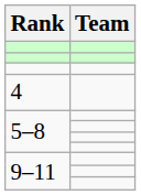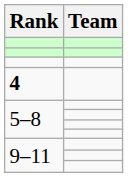 <table class="wikitable">
 <tr>
 <th>Rank</th>
 <th>Team</th>
 </tr>
 <tr bgcolor="#ccffcc">
 <td></td>
 <td></td>
 </tr>
 <tr bgcolor="#ccffcc">
 <td></td>
 <td></td>
 </tr>
 <tr>
 <td></td>
 <td></td>
 </tr>
 <tr>
-<td>4</td>
+<td><strong>4</strong></td>
 <td></td>
 </tr>
 <tr>
 <td rowspan=4>5–8</td>
 <td></td>
 </tr>
 <tr>
 <td></td>
 </tr>
 <tr>
 <td></td>
 </tr>
 <tr>
 <td></td>
 </tr>
 <tr>
 <td rowspan=3>9–11</td>
 <td></td>
 </tr>
 <tr>
 <td></td>
 </tr>
 <tr>
 <td></td>
 </tr>
 </table>
